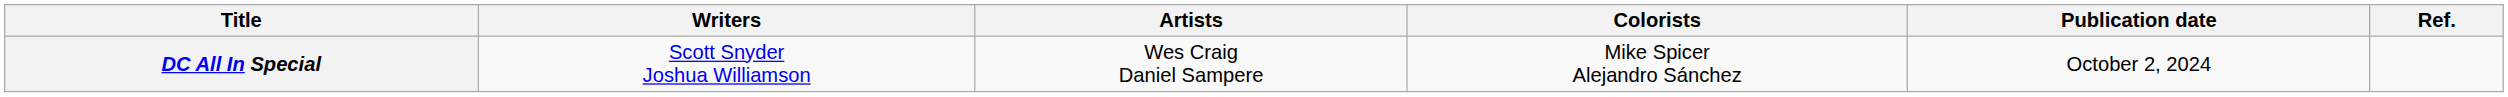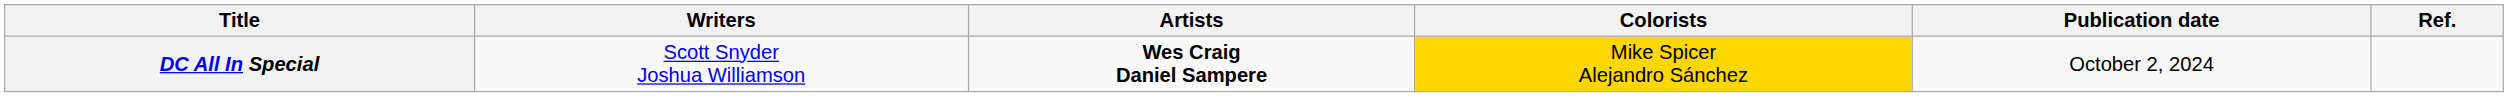 <table class="wikitable" width="100%" style="text-align: center;">
 <tr>
 <th>Title</th>
 <th>Writers</th>
 <th>Artists</th>
 <th>Colorists</th>
 <th>Publication date</th>
 <th>Ref.</th>
 </tr>
 <tr>
 <th scope="col"><em><a href='#'>DC All In</a> Special</em></th>
 <td><a href='#'>Scott Snyder</a><br><a href='#'>Joshua Williamson</a></td>
-<td>Wes Craig<br>Daniel Sampere</td>
-<td>Mike Spicer<br>Alejandro Sánchez</td>
+<td><strong>Wes Craig<br>Daniel Sampere</strong></td>
+<td style="background: gold;">Mike Spicer<br>Alejandro Sánchez</td>
 <td>October 2, 2024</td>
 <td></td>
 </tr>
 </table>
